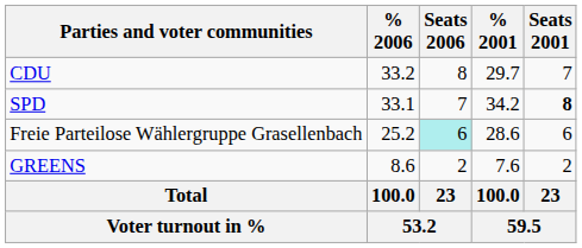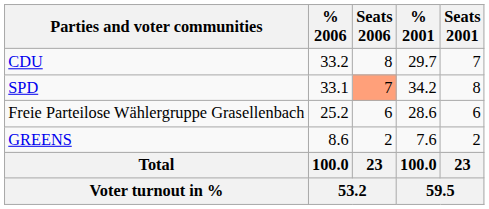 <table class="wikitable">
 <tr --  class="hintergrundfarbe5">
 <th>Parties and voter communities</th>
 <th align="center">%<br>2006</th>
 <th align="center">Seats<br>2006</th>
 <th align="center">%<br>2001</th>
 <th align="center">Seats<br>2001</th>
 </tr>
 <tr --->
 <td><a href='#'>CDU</a></td>
 <td align="right">33.2</td>
 <td align="right">8</td>
 <td align="right">29.7</td>
 <td align="right">7</td>
 </tr>
 <tr --->
 <td><a href='#'>SPD</a></td>
 <td align="right">33.1</td>
-<td align="right">7</td>
+<td align="right" style="background: lightsalmon;">7</td>
 <td align="right">34.2</td>
-<td align="right"><strong>8</strong></td>
+<td align="right">8</td>
 </tr>
 <tr --->
 <td>Freie Parteilose Wählergruppe Grasellenbach</td>
 <td align="right">25.2</td>
-<td align="right" style="background: paleturquoise;">6</td>
+<td align="right">6</td>
 <td align="right">28.6</td>
 <td align="right">6</td>
 </tr>
 <tr --->
 <td><a href='#'>GREENS</a></td>
 <td align="right">8.6</td>
 <td align="right">2</td>
 <td align="right">7.6</td>
 <td align="right">2</td>
 </tr>
 <tr -- class="hintergrundfarbe5">
 <th>Total</th>
 <th align="right">100.0</th>
 <th align="right">23</th>
 <th align="right">100.0</th>
 <th align="right">23</th>
 </tr>
 <tr -- class="hintergrundfarbe5">
 <th>Voter turnout in %</th>
 <th colspan=2 align="center">53.2</th>
 <th colspan=2 align="center">59.5</th>
 </tr>
 </table>
